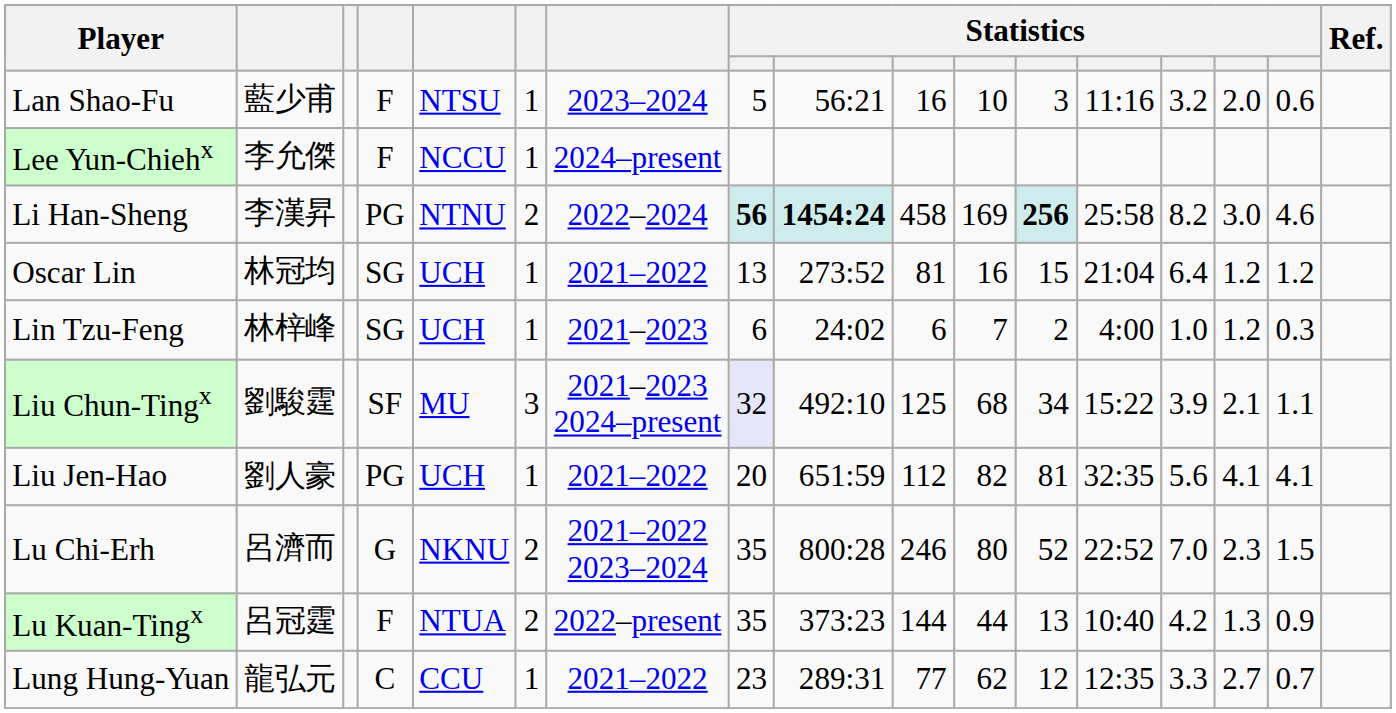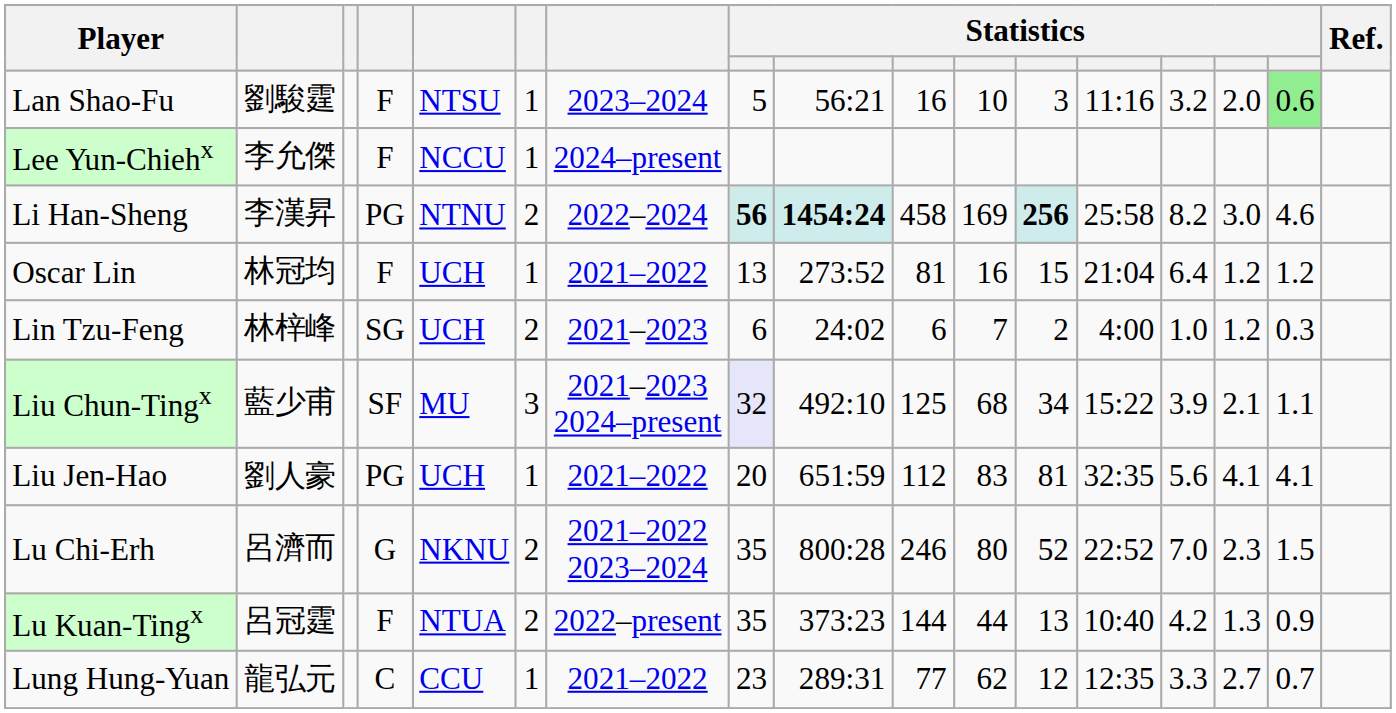 <table class="wikitable sortable" style="font-size:95%; text-align:right;">
 <tr>
 <th rowspan="2">Player</th>
 <th rowspan="2"></th>
 <th rowspan="2"></th>
 <th rowspan="2"></th>
 <th rowspan="2"></th>
 <th rowspan="2"></th>
 <th rowspan="2"></th>
 <th colspan="9">Statistics</th>
 <th rowspan="2">Ref.</th>
 </tr>
 <tr>
 <th></th>
 <th></th>
 <th></th>
 <th></th>
 <th></th>
 <th></th>
 <th></th>
 <th></th>
 <th></th>
 </tr>
 <tr>
 <td align="left">Lan Shao-Fu</td>
-<td align="left">藍少甫</td>
+<td align="left">劉駿霆</td>
 <td align="center"></td>
 <td align="center">F</td>
 <td align="left"><a href='#'>NTSU</a></td>
 <td align="center">1</td>
 <td align="center"><a href='#'>2023–2024</a></td>
 <td>5</td>
 <td>56:21</td>
 <td>16</td>
 <td>10</td>
 <td>3</td>
 <td>11:16</td>
 <td>3.2</td>
 <td>2.0</td>
-<td>0.6</td>
+<td style="background: lightgreen;">0.6</td>
 <td align="center"></td>
 </tr>
 <tr>
 <td align="left" bgcolor="#CCFFCC">Lee Yun-Chieh<sup>x</sup></td>
 <td align="left">李允傑</td>
 <td align="center"></td>
 <td align="center">F</td>
 <td align="left"><a href='#'>NCCU</a></td>
 <td align="center">1</td>
 <td align="center"><a href='#'>2024–present</a></td>
 <td></td>
 <td></td>
 <td></td>
 <td></td>
 <td></td>
 <td></td>
 <td></td>
 <td></td>
 <td></td>
 <td align="center"></td>
 </tr>
 <tr>
 <td align="left">Li Han-Sheng</td>
 <td align="left">李漢昇</td>
 <td align="center"></td>
 <td align="center">PG</td>
 <td align="left"><a href='#'>NTNU</a></td>
 <td align="center">2</td>
 <td align="center"><a href='#'>2022</a>–<a href='#'>2024</a></td>
 <td bgcolor="#CFECEC"><strong>56</strong></td>
 <td bgcolor="#CFECEC"><strong>1454:24</strong></td>
 <td>458</td>
 <td>169</td>
 <td bgcolor="#CFECEC"><strong>256</strong></td>
 <td>25:58</td>
 <td>8.2</td>
 <td>3.0</td>
 <td>4.6</td>
 <td align="center"></td>
 </tr>
 <tr>
 <td align="left">Oscar Lin</td>
 <td align="left">林冠均</td>
 <td align="center"></td>
-<td align="center">SG</td>
+<td align="center">F</td>
 <td align="left"><a href='#'>UCH</a></td>
 <td align="center">1</td>
 <td align="center"><a href='#'>2021–2022</a></td>
 <td>13</td>
 <td>273:52</td>
 <td>81</td>
 <td>16</td>
 <td>15</td>
 <td>21:04</td>
 <td>6.4</td>
 <td>1.2</td>
 <td>1.2</td>
 <td align="center"></td>
 </tr>
 <tr>
 <td align="left">Lin Tzu-Feng</td>
 <td align="left">林梓峰</td>
 <td align="center"></td>
 <td align="center">SG</td>
 <td align="left"><a href='#'>UCH</a></td>
-<td align="center">1</td>
+<td align="center">2</td>
 <td align="center"><a href='#'>2021</a>–<a href='#'>2023</a></td>
 <td>6</td>
 <td>24:02</td>
 <td>6</td>
 <td>7</td>
 <td>2</td>
 <td>4:00</td>
 <td>1.0</td>
 <td>1.2</td>
 <td>0.3</td>
 <td align="center"></td>
 </tr>
 <tr>
 <td align="left" bgcolor="#CCFFCC">Liu Chun-Ting<sup>x</sup></td>
-<td align="left">劉駿霆</td>
+<td align="left">藍少甫</td>
 <td align="center"></td>
 <td align="center">SF</td>
 <td align="left"><a href='#'>MU</a></td>
 <td align="center">3</td>
 <td align="center"><a href='#'>2021</a>–<a href='#'>2023</a><br><a href='#'>2024–present</a></td>
 <td style="background: lavender;">32</td>
 <td>492:10</td>
 <td>125</td>
 <td>68</td>
 <td>34</td>
 <td>15:22</td>
 <td>3.9</td>
 <td>2.1</td>
 <td>1.1</td>
 <td align="center"></td>
 </tr>
 <tr>
 <td align="left">Liu Jen-Hao</td>
 <td align="left">劉人豪</td>
 <td align="center"></td>
 <td align="center">PG</td>
 <td align="left"><a href='#'>UCH</a></td>
 <td align="center">1</td>
 <td align="center"><a href='#'>2021–2022</a></td>
 <td>20</td>
 <td>651:59</td>
 <td>112</td>
-<td>82</td>
+<td>83</td>
 <td>81</td>
 <td>32:35</td>
 <td>5.6</td>
 <td>4.1</td>
 <td>4.1</td>
 <td align="center"></td>
 </tr>
 <tr>
 <td align="left">Lu Chi-Erh</td>
 <td align="left">呂濟而</td>
 <td align="center"></td>
 <td align="center">G</td>
 <td align="left"><a href='#'>NKNU</a></td>
 <td align="center">2</td>
 <td align="center"><a href='#'>2021–2022</a><br><a href='#'>2023–2024</a></td>
 <td>35</td>
 <td>800:28</td>
 <td>246</td>
 <td>80</td>
 <td>52</td>
 <td>22:52</td>
 <td>7.0</td>
 <td>2.3</td>
 <td>1.5</td>
 <td align="center"></td>
 </tr>
 <tr>
 <td align="left" bgcolor="#CCFFCC">Lu Kuan-Ting<sup>x</sup></td>
 <td align="left">呂冠霆</td>
 <td align="center"></td>
 <td align="center">F</td>
 <td align="left"><a href='#'>NTUA</a></td>
 <td align="center">2</td>
 <td align="center"><a href='#'>2022</a>–<a href='#'>present</a></td>
 <td>35</td>
 <td>373:23</td>
 <td>144</td>
 <td>44</td>
 <td>13</td>
 <td>10:40</td>
 <td>4.2</td>
 <td>1.3</td>
 <td>0.9</td>
 <td align="center"></td>
 </tr>
 <tr>
 <td align="left">Lung Hung-Yuan</td>
 <td align="left">龍弘元</td>
 <td align="center"></td>
 <td align="center">C</td>
 <td align="left"><a href='#'>CCU</a></td>
 <td align="center">1</td>
 <td align="center"><a href='#'>2021–2022</a></td>
 <td>23</td>
 <td>289:31</td>
 <td>77</td>
 <td>62</td>
 <td>12</td>
 <td>12:35</td>
 <td>3.3</td>
 <td>2.7</td>
 <td>0.7</td>
 <td align="center"></td>
 </tr>
 </table>
